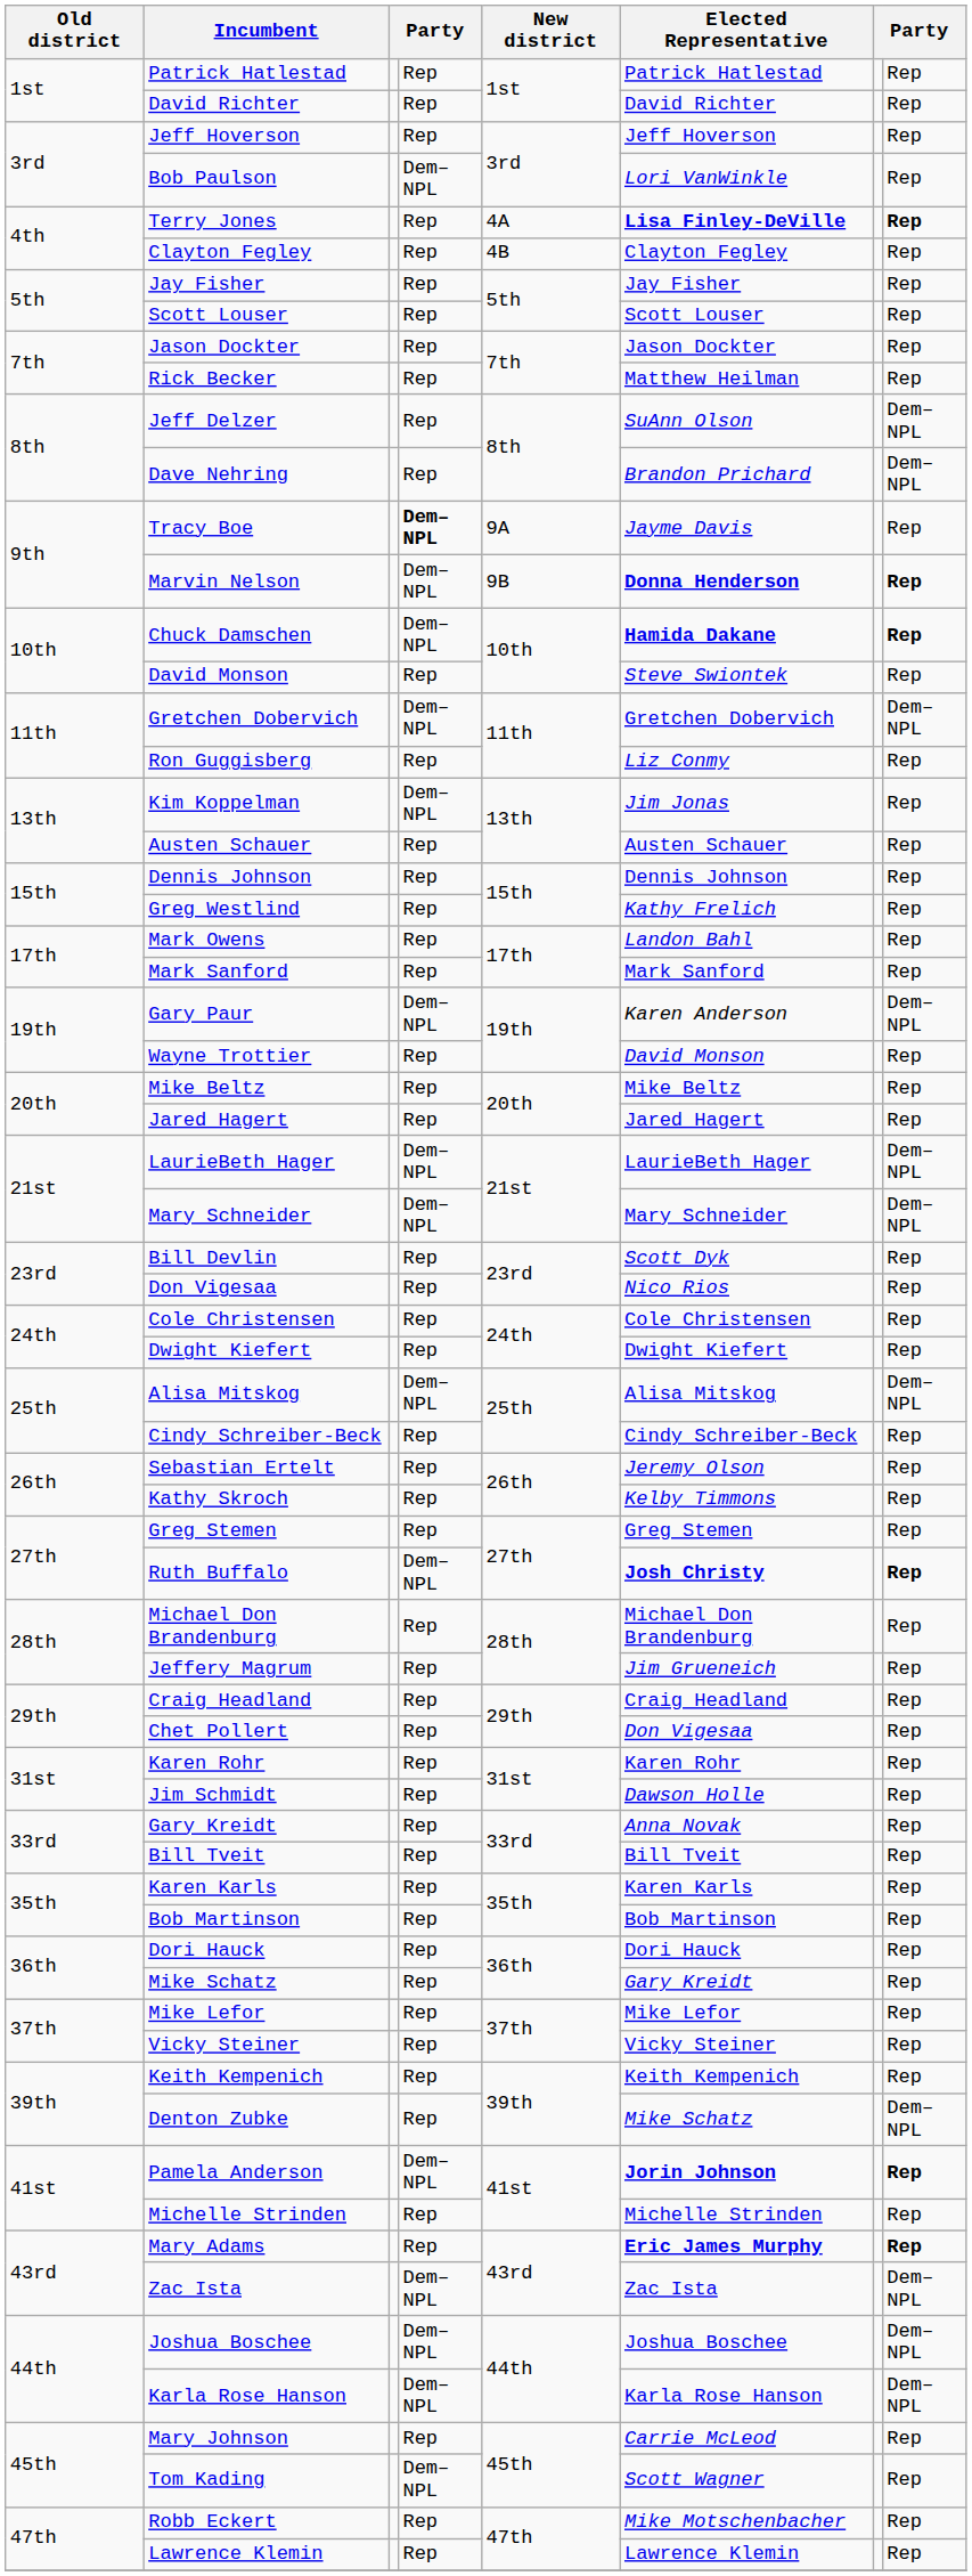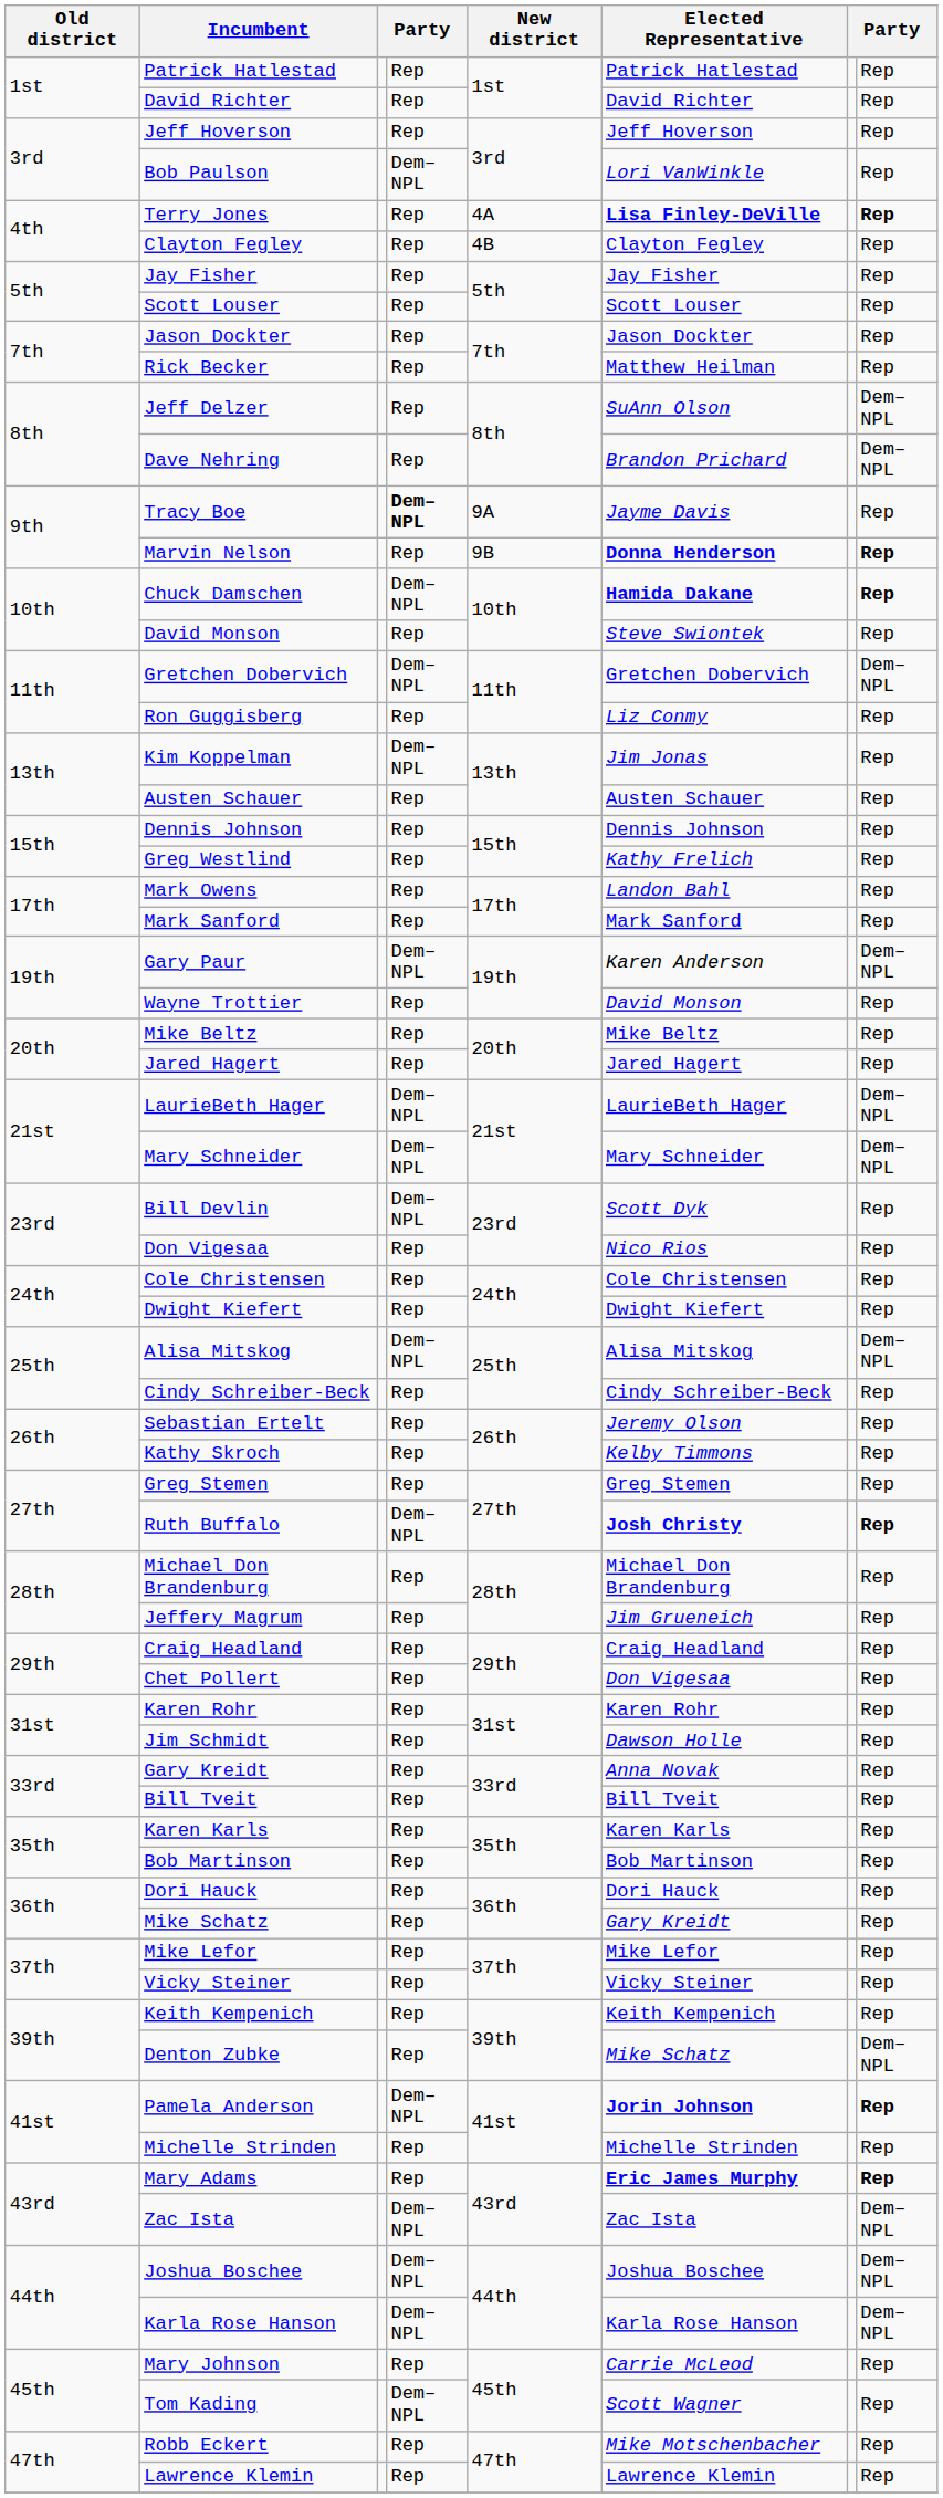 <table class="sortable wikitable" style="font-size:95%;line-height:14px;">
 <tr>
 <th colspan="1">Old district</th>
 <th class="unsortable"><a href='#'>Incumbent</a></th>
 <th colspan="2">Party</th>
 <th colspan="1">New district</th>
 <th class="unsortable">Elected Representative</th>
 <th colspan="2">Party</th>
 </tr>
 <tr>
 <td rowspan=2>1st</td>
 <td><a href='#'>Patrick Hatlestad</a></td>
 <td style="background:"></td>
 <td>Rep</td>
 <td rowspan=2>1st</td>
 <td><a href='#'>Patrick Hatlestad</a></td>
 <td style="background:"></td>
 <td>Rep</td>
 </tr>
 <tr>
 <td><a href='#'>David Richter</a></td>
 <td style="background:"></td>
 <td>Rep</td>
 <td><a href='#'>David Richter</a></td>
 <td style="background:"></td>
 <td>Rep</td>
 </tr>
 <tr>
 <td rowspan=2>3rd</td>
 <td><a href='#'>Jeff Hoverson</a></td>
 <td style="background:"></td>
 <td>Rep</td>
 <td rowspan=2>3rd</td>
 <td><a href='#'>Jeff Hoverson</a></td>
 <td style="background:"></td>
 <td>Rep</td>
 </tr>
 <tr>
 <td><a href='#'>Bob Paulson</a></td>
 <td style="background:"></td>
 <td>Dem–NPL</td>
 <td><em><a href='#'>Lori VanWinkle</a></em></td>
 <td style="background:"></td>
 <td>Rep</td>
 </tr>
 <tr>
 <td rowspan=2>4th</td>
 <td><a href='#'>Terry Jones</a></td>
 <td style="background:"></td>
 <td>Rep</td>
 <td>4A</td>
 <td><strong><a href='#'>Lisa Finley-DeVille</a></strong></td>
 <td style="background:"></td>
 <td><strong>Rep</strong></td>
 </tr>
 <tr>
 <td><a href='#'>Clayton Fegley</a></td>
 <td style="background:"></td>
 <td>Rep</td>
 <td>4B</td>
 <td><a href='#'>Clayton Fegley</a></td>
 <td style="background:"></td>
 <td>Rep</td>
 </tr>
 <tr>
 <td rowspan=2>5th</td>
 <td><a href='#'>Jay Fisher</a></td>
 <td style="background:"></td>
 <td>Rep</td>
 <td rowspan=2>5th</td>
 <td><a href='#'>Jay Fisher</a></td>
 <td style="background:"></td>
 <td>Rep</td>
 </tr>
 <tr>
 <td><a href='#'>Scott Louser</a></td>
 <td style="background:"></td>
 <td>Rep</td>
 <td><a href='#'>Scott Louser</a></td>
 <td style="background:"></td>
 <td>Rep</td>
 </tr>
 <tr>
 <td rowspan=2>7th</td>
 <td><a href='#'>Jason Dockter</a></td>
 <td style="background:"></td>
 <td>Rep</td>
 <td rowspan=2>7th</td>
 <td><a href='#'>Jason Dockter</a></td>
 <td style="background:"></td>
 <td>Rep</td>
 </tr>
 <tr>
 <td><a href='#'>Rick Becker</a></td>
 <td style="background:"></td>
 <td>Rep</td>
 <td><a href='#'>Matthew Heilman</a></td>
 <td style="background:"></td>
 <td>Rep</td>
 </tr>
 <tr>
 <td rowspan=2>8th</td>
 <td><a href='#'>Jeff Delzer</a></td>
 <td style="background:"></td>
 <td>Rep</td>
 <td rowspan=2>8th</td>
 <td><em><a href='#'>SuAnn Olson</a></em></td>
 <td style="background:"></td>
 <td>Dem–NPL</td>
 </tr>
 <tr>
 <td><a href='#'>Dave Nehring</a></td>
 <td style="background:"></td>
 <td>Rep</td>
 <td><em><a href='#'>Brandon Prichard</a></em></td>
 <td style="background:"></td>
 <td>Dem–NPL</td>
 </tr>
 <tr>
 <td rowspan=2>9th</td>
 <td><a href='#'>Tracy Boe</a></td>
 <td style="background:"></td>
 <td><strong>Dem–NPL</strong></td>
 <td>9A</td>
 <td><em><a href='#'>Jayme Davis</a></em></td>
 <td style="background:"></td>
 <td>Rep</td>
 </tr>
 <tr>
 <td><a href='#'>Marvin Nelson</a></td>
 <td style="background:"></td>
-<td>Dem–NPL</td>
+<td>Rep</td>
 <td>9B</td>
 <td><strong><a href='#'>Donna Henderson</a></strong></td>
 <td style="background:"></td>
 <td><strong>Rep</strong></td>
 </tr>
 <tr>
 <td rowspan=2>10th</td>
 <td><a href='#'>Chuck Damschen</a></td>
 <td style="background:"></td>
 <td>Dem–NPL</td>
 <td rowspan=2>10th</td>
 <td><strong><a href='#'>Hamida Dakane</a></strong></td>
 <td style="background:"></td>
 <td><strong>Rep</strong></td>
 </tr>
 <tr>
 <td><a href='#'>David Monson</a></td>
 <td style="background:"></td>
 <td>Rep</td>
 <td><em><a href='#'>Steve Swiontek</a></em></td>
 <td style="background:"></td>
 <td>Rep</td>
 </tr>
 <tr>
 <td rowspan=2>11th</td>
 <td><a href='#'>Gretchen Dobervich</a></td>
 <td style="background:"></td>
 <td>Dem–NPL</td>
 <td rowspan=2>11th</td>
 <td><a href='#'>Gretchen Dobervich</a></td>
 <td style="background:"></td>
 <td>Dem–NPL</td>
 </tr>
 <tr>
 <td><a href='#'>Ron Guggisberg</a></td>
 <td style="background:"></td>
 <td>Rep</td>
 <td><em><a href='#'>Liz Conmy</a></em></td>
 <td style="background:"></td>
 <td>Rep</td>
 </tr>
 <tr>
 <td rowspan=2>13th</td>
 <td><a href='#'>Kim Koppelman</a></td>
 <td style="background:"></td>
 <td>Dem–NPL</td>
 <td rowspan=2>13th</td>
 <td><em><a href='#'>Jim Jonas</a></em></td>
 <td style="background:"></td>
 <td>Rep</td>
 </tr>
 <tr>
 <td><a href='#'>Austen Schauer</a></td>
 <td style="background:"></td>
 <td>Rep</td>
 <td><a href='#'>Austen Schauer</a></td>
 <td style="background:"></td>
 <td>Rep</td>
 </tr>
 <tr>
 <td rowspan=2>15th</td>
 <td><a href='#'>Dennis Johnson</a></td>
 <td style="background:"></td>
 <td>Rep</td>
 <td rowspan=2>15th</td>
 <td><a href='#'>Dennis Johnson</a></td>
 <td style="background:"></td>
 <td>Rep</td>
 </tr>
 <tr>
 <td><a href='#'>Greg Westlind</a></td>
 <td style="background:"></td>
 <td>Rep</td>
 <td><em><a href='#'>Kathy Frelich</a></em></td>
 <td style="background:"></td>
 <td>Rep</td>
 </tr>
 <tr>
 <td rowspan=2>17th</td>
 <td><a href='#'>Mark Owens</a></td>
 <td style="background:"></td>
 <td>Rep</td>
 <td rowspan=2>17th</td>
 <td><em><a href='#'>Landon Bahl</a></em></td>
 <td style="background:"></td>
 <td>Rep</td>
 </tr>
 <tr>
 <td><a href='#'>Mark Sanford</a></td>
 <td style="background:"></td>
 <td>Rep</td>
 <td><a href='#'>Mark Sanford</a></td>
 <td style="background:"></td>
 <td>Rep</td>
 </tr>
 <tr>
 <td rowspan=2>19th</td>
 <td><a href='#'>Gary Paur</a></td>
 <td style="background:"></td>
 <td>Dem–NPL</td>
 <td rowspan=2>19th</td>
 <td><em>Karen Anderson</em></td>
 <td style="background:"></td>
 <td>Dem–NPL</td>
 </tr>
 <tr>
 <td><a href='#'>Wayne Trottier</a></td>
 <td style="background:"></td>
 <td>Rep</td>
 <td><em><a href='#'>David Monson</a></em></td>
 <td style="background:"></td>
 <td>Rep</td>
 </tr>
 <tr>
 <td rowspan=2>20th</td>
 <td><a href='#'>Mike Beltz</a></td>
 <td style="background:"></td>
 <td>Rep</td>
 <td rowspan=2>20th</td>
 <td><a href='#'>Mike Beltz</a></td>
 <td style="background:"></td>
 <td>Rep</td>
 </tr>
 <tr>
 <td><a href='#'>Jared Hagert</a></td>
 <td style="background:"></td>
 <td>Rep</td>
 <td><a href='#'>Jared Hagert</a></td>
 <td style="background:"></td>
 <td>Rep</td>
 </tr>
 <tr>
 <td rowspan=2>21st</td>
 <td><a href='#'>LaurieBeth Hager</a></td>
 <td style="background:"></td>
 <td>Dem–NPL</td>
 <td rowspan=2>21st</td>
 <td><a href='#'>LaurieBeth Hager</a></td>
 <td style="background:"></td>
 <td>Dem–NPL</td>
 </tr>
 <tr>
 <td><a href='#'>Mary Schneider</a></td>
 <td style="background:"></td>
 <td>Dem–NPL</td>
 <td><a href='#'>Mary Schneider</a></td>
 <td style="background:"></td>
 <td>Dem–NPL</td>
 </tr>
 <tr>
 <td rowspan=2>23rd</td>
 <td><a href='#'>Bill Devlin</a></td>
 <td style="background:"></td>
-<td>Rep</td>
+<td>Dem–NPL</td>
 <td rowspan=2>23rd</td>
 <td><em><a href='#'>Scott Dyk</a></em></td>
 <td style="background:"></td>
 <td>Rep</td>
 </tr>
 <tr>
 <td><a href='#'>Don Vigesaa</a></td>
 <td style="background:"></td>
 <td>Rep</td>
 <td><em><a href='#'>Nico Rios</a></em></td>
 <td style="background:"></td>
 <td>Rep</td>
 </tr>
 <tr>
 <td rowspan=2>24th</td>
 <td><a href='#'>Cole Christensen</a></td>
 <td style="background:"></td>
 <td>Rep</td>
 <td rowspan=2>24th</td>
 <td><a href='#'>Cole Christensen</a></td>
 <td style="background:"></td>
 <td>Rep</td>
 </tr>
 <tr>
 <td><a href='#'>Dwight Kiefert</a></td>
 <td style="background:"></td>
 <td>Rep</td>
 <td><a href='#'>Dwight Kiefert</a></td>
 <td style="background:"></td>
 <td>Rep</td>
 </tr>
 <tr>
 <td rowspan=2>25th</td>
 <td><a href='#'>Alisa Mitskog</a></td>
 <td style="background:"></td>
 <td>Dem–NPL</td>
 <td rowspan=2>25th</td>
 <td><a href='#'>Alisa Mitskog</a></td>
 <td style="background:"></td>
 <td>Dem–NPL</td>
 </tr>
 <tr>
 <td><a href='#'>Cindy Schreiber-Beck</a></td>
 <td style="background:"></td>
 <td>Rep</td>
 <td><a href='#'>Cindy Schreiber-Beck</a></td>
 <td style="background:"></td>
 <td>Rep</td>
 </tr>
 <tr>
 <td rowspan=2>26th</td>
 <td><a href='#'>Sebastian Ertelt</a></td>
 <td style="background:"></td>
 <td>Rep</td>
 <td rowspan=2>26th</td>
 <td><em><a href='#'>Jeremy Olson</a></em></td>
 <td style="background:"></td>
 <td>Rep</td>
 </tr>
 <tr>
 <td><a href='#'>Kathy Skroch</a></td>
 <td style="background:"></td>
 <td>Rep</td>
 <td><em><a href='#'>Kelby Timmons</a></em></td>
 <td style="background:"></td>
 <td>Rep</td>
 </tr>
 <tr>
 <td rowspan=2>27th</td>
 <td><a href='#'>Greg Stemen</a></td>
 <td style="background:"></td>
 <td>Rep</td>
 <td rowspan=2>27th</td>
 <td><a href='#'>Greg Stemen</a></td>
 <td style="background:"></td>
 <td>Rep</td>
 </tr>
 <tr>
 <td><a href='#'>Ruth Buffalo</a></td>
 <td style="background:"></td>
 <td>Dem–NPL</td>
 <td><strong><a href='#'>Josh Christy</a></strong></td>
 <td style="background:"></td>
 <td><strong>Rep</strong></td>
 </tr>
 <tr>
 <td rowspan=2>28th</td>
 <td><a href='#'>Michael Don Brandenburg</a></td>
 <td style="background:"></td>
 <td>Rep</td>
 <td rowspan=2>28th</td>
 <td><a href='#'>Michael Don Brandenburg</a></td>
 <td style="background:"></td>
 <td>Rep</td>
 </tr>
 <tr>
 <td><a href='#'>Jeffery Magrum</a></td>
 <td style="background:"></td>
 <td>Rep</td>
 <td><em><a href='#'>Jim Grueneich</a></em></td>
 <td style="background:"></td>
 <td>Rep</td>
 </tr>
 <tr>
 <td rowspan=2>29th</td>
 <td><a href='#'>Craig Headland</a></td>
 <td style="background:"></td>
 <td>Rep</td>
 <td rowspan=2>29th</td>
 <td><a href='#'>Craig Headland</a></td>
 <td style="background:"></td>
 <td>Rep</td>
 </tr>
 <tr>
 <td><a href='#'>Chet Pollert</a></td>
 <td style="background:"></td>
 <td>Rep</td>
 <td><em><a href='#'>Don Vigesaa</a></em></td>
 <td style="background:"></td>
 <td>Rep</td>
 </tr>
 <tr>
 <td rowspan=2>31st</td>
 <td><a href='#'>Karen Rohr</a></td>
 <td style="background:"></td>
 <td>Rep</td>
 <td rowspan=2>31st</td>
 <td><a href='#'>Karen Rohr</a></td>
 <td style="background:"></td>
 <td>Rep</td>
 </tr>
 <tr>
 <td><a href='#'>Jim Schmidt</a></td>
 <td style="background:"></td>
 <td>Rep</td>
 <td><em><a href='#'>Dawson Holle</a></em></td>
 <td style="background:"></td>
 <td>Rep</td>
 </tr>
 <tr>
 <td rowspan=2>33rd</td>
 <td><a href='#'>Gary Kreidt</a></td>
 <td style="background:"></td>
 <td>Rep</td>
 <td rowspan=2>33rd</td>
 <td><em><a href='#'>Anna Novak</a></em></td>
 <td style="background:"></td>
 <td>Rep</td>
 </tr>
 <tr>
 <td><a href='#'>Bill Tveit</a></td>
 <td style="background:"></td>
 <td>Rep</td>
 <td><a href='#'>Bill Tveit</a></td>
 <td style="background:"></td>
 <td>Rep</td>
 </tr>
 <tr>
 <td rowspan=2>35th</td>
 <td><a href='#'>Karen Karls</a></td>
 <td style="background:"></td>
 <td>Rep</td>
 <td rowspan=2>35th</td>
 <td><a href='#'>Karen Karls</a></td>
 <td style="background:"></td>
 <td>Rep</td>
 </tr>
 <tr>
 <td><a href='#'>Bob Martinson</a></td>
 <td style="background:"></td>
 <td>Rep</td>
 <td><a href='#'>Bob Martinson</a></td>
 <td style="background:"></td>
 <td>Rep</td>
 </tr>
 <tr>
 <td rowspan=2>36th</td>
 <td><a href='#'>Dori Hauck</a></td>
 <td style="background:"></td>
 <td>Rep</td>
 <td rowspan=2>36th</td>
 <td><a href='#'>Dori Hauck</a></td>
 <td style="background:"></td>
 <td>Rep</td>
 </tr>
 <tr>
 <td><a href='#'>Mike Schatz</a></td>
 <td style="background:"></td>
 <td>Rep</td>
 <td><em><a href='#'>Gary Kreidt</a></em></td>
 <td style="background:"></td>
 <td>Rep</td>
 </tr>
 <tr>
 <td rowspan=2>37th</td>
 <td><a href='#'>Mike Lefor</a></td>
 <td style="background:"></td>
 <td>Rep</td>
 <td rowspan=2>37th</td>
 <td><a href='#'>Mike Lefor</a></td>
 <td style="background:"></td>
 <td>Rep</td>
 </tr>
 <tr>
 <td><a href='#'>Vicky Steiner</a></td>
 <td style="background:"></td>
 <td>Rep</td>
 <td><a href='#'>Vicky Steiner</a></td>
 <td style="background:"></td>
 <td>Rep</td>
 </tr>
 <tr>
 <td rowspan=2>39th</td>
 <td><a href='#'>Keith Kempenich</a></td>
 <td style="background:"></td>
 <td>Rep</td>
 <td rowspan=2>39th</td>
 <td><a href='#'>Keith Kempenich</a></td>
 <td style="background:"></td>
 <td>Rep</td>
 </tr>
 <tr>
 <td><a href='#'>Denton Zubke</a></td>
 <td style="background:"></td>
 <td>Rep</td>
 <td><em><a href='#'>Mike Schatz</a></em></td>
 <td style="background:"></td>
 <td>Dem–NPL</td>
 </tr>
 <tr>
 <td rowspan=2>41st</td>
 <td><a href='#'>Pamela Anderson</a></td>
 <td style="background:"></td>
 <td>Dem–NPL</td>
 <td rowspan=2>41st</td>
 <td><strong><a href='#'>Jorin Johnson</a></strong></td>
 <td style="background:"></td>
 <td><strong>Rep</strong></td>
 </tr>
 <tr>
 <td><a href='#'>Michelle Strinden</a></td>
 <td style="background:"></td>
 <td>Rep</td>
 <td><a href='#'>Michelle Strinden</a></td>
 <td style="background:"></td>
 <td>Rep</td>
 </tr>
 <tr>
 <td rowspan=2>43rd</td>
 <td><a href='#'>Mary Adams</a></td>
 <td style="background:"></td>
 <td>Rep</td>
 <td rowspan=2>43rd</td>
 <td><strong><a href='#'>Eric James Murphy</a></strong></td>
 <td style="background:"></td>
 <td><strong>Rep</strong></td>
 </tr>
 <tr>
 <td><a href='#'>Zac Ista</a></td>
 <td style="background:"></td>
 <td>Dem–NPL</td>
 <td><a href='#'>Zac Ista</a></td>
 <td style="background:"></td>
 <td>Dem–NPL</td>
 </tr>
 <tr>
 <td rowspan=2>44th</td>
 <td><a href='#'>Joshua Boschee</a></td>
 <td style="background:"></td>
 <td>Dem–NPL</td>
 <td rowspan=2>44th</td>
 <td><a href='#'>Joshua Boschee</a></td>
 <td style="background:"></td>
 <td>Dem–NPL</td>
 </tr>
 <tr>
 <td><a href='#'>Karla Rose Hanson</a></td>
 <td style="background:"></td>
 <td>Dem–NPL</td>
 <td><a href='#'>Karla Rose Hanson</a></td>
 <td style="background:"></td>
 <td>Dem–NPL</td>
 </tr>
 <tr>
 <td rowspan=2>45th</td>
 <td><a href='#'>Mary Johnson</a></td>
 <td style="background:"></td>
 <td>Rep</td>
 <td rowspan=2>45th</td>
 <td><em><a href='#'>Carrie McLeod</a></em></td>
 <td style="background:"></td>
 <td>Rep</td>
 </tr>
 <tr>
 <td><a href='#'>Tom Kading</a></td>
 <td style="background:"></td>
 <td>Dem–NPL</td>
 <td><em><a href='#'>Scott Wagner</a></em></td>
 <td style="background:"></td>
 <td>Rep</td>
 </tr>
 <tr>
 <td rowspan=2>47th</td>
 <td><a href='#'>Robb Eckert</a></td>
 <td style="background:"></td>
 <td>Rep</td>
 <td rowspan=2>47th</td>
 <td><em><a href='#'>Mike Motschenbacher</a></em></td>
 <td style="background:"></td>
 <td>Rep</td>
 </tr>
 <tr>
 <td><a href='#'>Lawrence Klemin</a></td>
 <td style="background:"></td>
 <td>Rep</td>
 <td><a href='#'>Lawrence Klemin</a></td>
 <td style="background:"></td>
 <td>Rep</td>
 </tr>
 <tr>
 </tr>
 </table>
